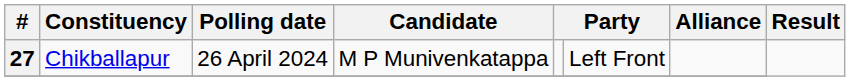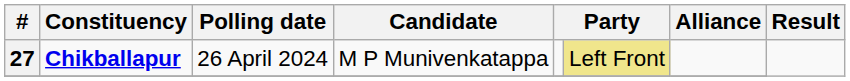 <table class="wikitable sortable">
 <tr>
 <th>#</th>
 <th>Constituency</th>
 <th>Polling date</th>
 <th>Candidate</th>
 <th colspan=2>Party</th>
 <th>Alliance</th>
 <th>Result</th>
 </tr>
 <tr>
 <th>27</th>
-<td><a href='#'>Chikballapur</a></td>
+<td><strong><a href='#'>Chikballapur</a></strong></td>
 <td>26 April 2024</td>
 <td>M P Munivenkatappa</td>
 <td></td>
-<td>Left Front</td>
+<td style="background: khaki;">Left Front</td>
 <td></td>
 </tr>
 <tr>
 </tr>
 </table>
